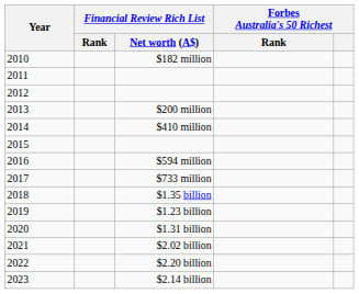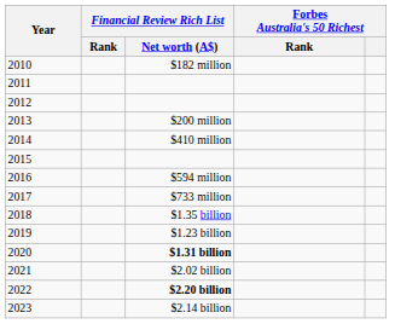 <table class="wikitable">
 <tr>
 <th rowspan=2>Year</th>
 <th colspan=2 width=40%><em><a href='#'>Financial Review Rich List</a></th>
 <th colspan=2 width=40%></em><a href='#'>Forbes</a><em><br><a href='#'>Australia's 50 Richest</a></th>
 </tr>
 <tr>
 <th>Rank</th>
 <th><a href='#'>Net worth</a> (<a href='#'>A$</a>)</th>
 <th>Rank</th>
 <th></th>
 </tr>
 <tr>
 <td>2010</td>
 <td align="center"></td>
 <td align="right">$182 million</td>
 <td align="center"></td>
 <td align="right"></td>
 </tr>
 <tr>
 <td>2011</td>
 <td align="center"></td>
 <td align="right"></td>
 <td align="center"></td>
 <td align="right"></td>
 </tr>
 <tr>
 <td>2012</td>
 <td align="center"></td>
 <td align="right"></td>
 <td align="center"></td>
 <td align="right"></td>
 </tr>
 <tr>
 <td>2013</td>
 <td align="center"></td>
 <td align="right">$200 million</td>
 <td align="center"></td>
 <td align="right"></td>
 </tr>
 <tr>
 <td>2014</td>
 <td align="center"></td>
 <td align="right">$410 million </td>
 <td align="center"></td>
 <td align="right"></td>
 </tr>
 <tr>
 <td>2015</td>
 <td align="center"></td>
 <td align="right"></td>
 <td align="center"></td>
 <td align="right"></td>
 </tr>
 <tr>
 <td>2016</td>
 <td align="center"></td>
 <td align="right">$594 million </td>
 <td align="center"></td>
 <td align="right"></td>
 </tr>
 <tr>
 <td>2017</td>
 <td align="center"></td>
 <td align="right">$733 million </td>
 <td align="center"></td>
 <td align="right"></td>
 </tr>
 <tr>
 <td>2018</td>
 <td align="center"></td>
 <td align="right">$1.35 <a href='#'>billion</a> </td>
 <td align="center"></td>
 <td align="right"></td>
 </tr>
 <tr>
 <td>2019</td>
 <td align="center"></td>
 <td align="right">$1.23 billion </td>
 <td align="center"></td>
 <td align="right"></td>
 </tr>
 <tr>
 <td>2020</td>
 <td align="center"></td>
-<td align="right">$1.31 billion </td>
+<td align="right"><strong>$1.31 billion </strong></td>
 <td align="center"></td>
 <td align="right"></td>
 </tr>
 <tr>
 <td>2021</td>
 <td align="center"></td>
 <td align="right">$2.02 billion </td>
 <td align="center"></td>
 <td align="right"></td>
 </tr>
 <tr>
 <td>2022</td>
 <td align="center"></td>
-<td align="right">$2.20 billion </td>
+<td align="right"><strong>$2.20 billion </strong></td>
 <td align="center"></td>
 <td align="right"></td>
 </tr>
 <tr>
 <td>2023</td>
 <td align="center"></td>
 <td align="right">$2.14 billion </td>
 <td align="center"></td>
 <td align="right"></td>
 </tr>
 </table>
